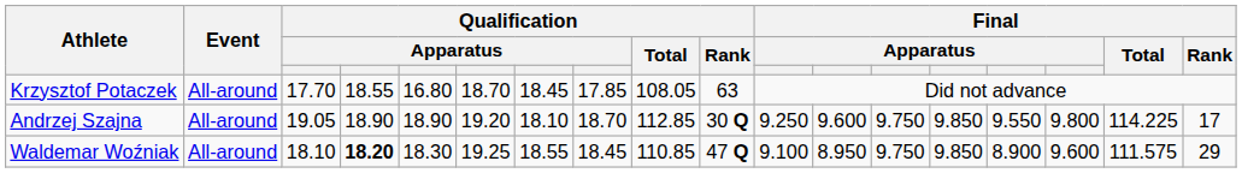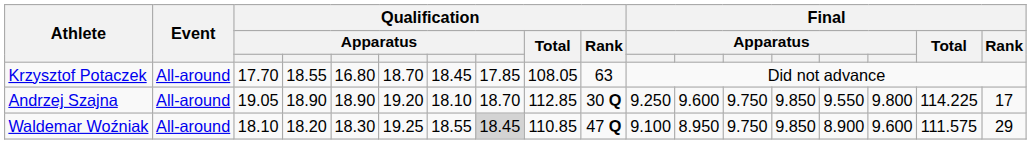 <table class="wikitable" style="font-size:90%">
 <tr>
 <th rowspan=3>Athlete</th>
 <th rowspan=3>Event</th>
 <th colspan =8>Qualification</th>
 <th colspan =8>Final</th>
 </tr>
 <tr style="font-size:95%">
 <th colspan=6>Apparatus</th>
 <th rowspan=2>Total</th>
 <th rowspan=2>Rank</th>
 <th colspan=6>Apparatus</th>
 <th rowspan=2>Total</th>
 <th rowspan=2>Rank</th>
 </tr>
 <tr style="font-size:95%">
 <th></th>
 <th></th>
 <th></th>
 <th></th>
 <th></th>
 <th></th>
 <th></th>
 <th></th>
 <th></th>
 <th></th>
 <th></th>
 <th></th>
 </tr>
 <tr align=center>
 <td align=left><a href='#'>Krzysztof Potaczek</a></td>
 <td align=left><a href='#'>All-around</a></td>
 <td>17.70</td>
 <td>18.55</td>
 <td>16.80</td>
 <td>18.70</td>
 <td>18.45</td>
 <td>17.85</td>
 <td>108.05</td>
 <td>63</td>
 <td colspan=8>Did not advance</td>
 </tr>
 <tr align=center>
 <td align=left><a href='#'>Andrzej Szajna</a></td>
 <td align=left><a href='#'>All-around</a></td>
 <td>19.05</td>
 <td>18.90</td>
 <td>18.90</td>
 <td>19.20</td>
 <td>18.10</td>
 <td>18.70</td>
 <td>112.85</td>
 <td>30 <strong>Q</strong></td>
 <td>9.250</td>
 <td>9.600</td>
 <td>9.750</td>
 <td>9.850</td>
 <td>9.550</td>
 <td>9.800</td>
 <td>114.225</td>
 <td>17</td>
 </tr>
 <tr align=center>
 <td align=left><a href='#'>Waldemar Woźniak</a></td>
 <td align=left><a href='#'>All-around</a></td>
 <td>18.10</td>
-<td><strong>18.20</strong></td>
+<td>18.20</td>
 <td>18.30</td>
 <td>19.25</td>
 <td>18.55</td>
-<td>18.45</td>
+<td style="background: lightgrey;">18.45</td>
 <td>110.85</td>
 <td>47 <strong>Q</strong></td>
 <td>9.100</td>
 <td>8.950</td>
 <td>9.750</td>
 <td>9.850</td>
 <td>8.900</td>
 <td>9.600</td>
 <td>111.575</td>
 <td>29</td>
 </tr>
 </table>
